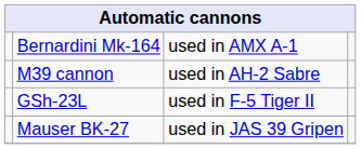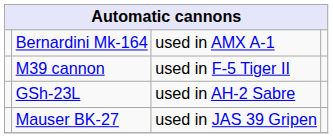 <table class="wikitable">
 <tr>
 <th style="align: center; background: lavender;" colspan="8"><strong>Automatic cannons</strong></th>
 </tr>
 <tr>
 <td></td>
 <td><a href='#'>Bernardini Mk-164</a></td>
 <td>used in <a href='#'>AMX A-1</a></td>
 <td></td>
 </tr>
 <tr>
 <td></td>
 <td><a href='#'>M39 cannon</a></td>
-<td>used in <a href='#'>AH-2 Sabre</a></td>
+<td>used in <a href='#'>F-5 Tiger II</a></td>
 <td></td>
 </tr>
 <tr>
 <td></td>
 <td><a href='#'>GSh-23L</a></td>
-<td>used in <a href='#'>F-5 Tiger II</a></td>
+<td>used in <a href='#'>AH-2 Sabre</a></td>
 <td></td>
 </tr>
 <tr>
 <td></td>
 <td><a href='#'>Mauser BK-27</a></td>
 <td>used in <a href='#'>JAS 39 Gripen</a></td>
 <td></td>
 </tr>
 <tr>
 </tr>
 </table>
